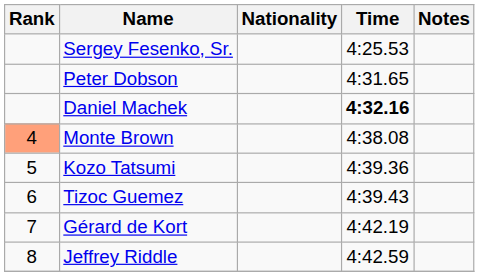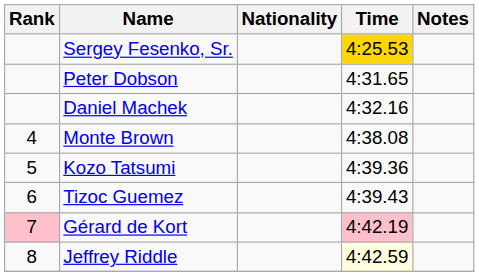 <table class="wikitable sortable" style="text-align:center">
 <tr>
 <th>Rank</th>
 <th>Name</th>
 <th>Nationality</th>
 <th>Time</th>
 <th>Notes</th>
 </tr>
 <tr>
 <td></td>
 <td align="left"><a href='#'>Sergey Fesenko, Sr.</a></td>
 <td align="left"></td>
-<td>4:25.53</td>
+<td style="background: gold;">4:25.53</td>
 <td></td>
 </tr>
 <tr>
 <td></td>
 <td align="left"><a href='#'>Peter Dobson</a></td>
 <td align="left"></td>
 <td>4:31.65</td>
 <td></td>
 </tr>
 <tr>
 <td></td>
 <td align="left"><a href='#'>Daniel Machek</a></td>
 <td align="left"></td>
-<td><strong>4:32.16</strong></td>
+<td>4:32.16</td>
 <td></td>
 </tr>
 <tr>
-<td style="background: lightsalmon;">4</td>
+<td>4</td>
 <td align="left"><a href='#'>Monte Brown</a></td>
 <td align="left"></td>
 <td>4:38.08</td>
 <td></td>
 </tr>
 <tr>
 <td>5</td>
 <td align="left"><a href='#'>Kozo Tatsumi</a></td>
 <td align="left"></td>
 <td>4:39.36</td>
 <td></td>
 </tr>
 <tr>
 <td>6</td>
 <td align="left"><a href='#'>Tizoc Guemez</a></td>
 <td align="left"></td>
 <td>4:39.43</td>
 <td></td>
 </tr>
 <tr>
-<td>7</td>
+<td style="background: pink;">7</td>
 <td align="left"><a href='#'>Gérard de Kort</a></td>
 <td align="left"></td>
-<td>4:42.19</td>
+<td style="background: pink;">4:42.19</td>
 <td></td>
 </tr>
 <tr>
 <td>8</td>
 <td align="left"><a href='#'>Jeffrey Riddle</a></td>
 <td align="left"></td>
-<td>4:42.59</td>
+<td style="background: lightyellow;">4:42.59</td>
 <td></td>
 </tr>
 <tr>
 </tr>
 </table>
